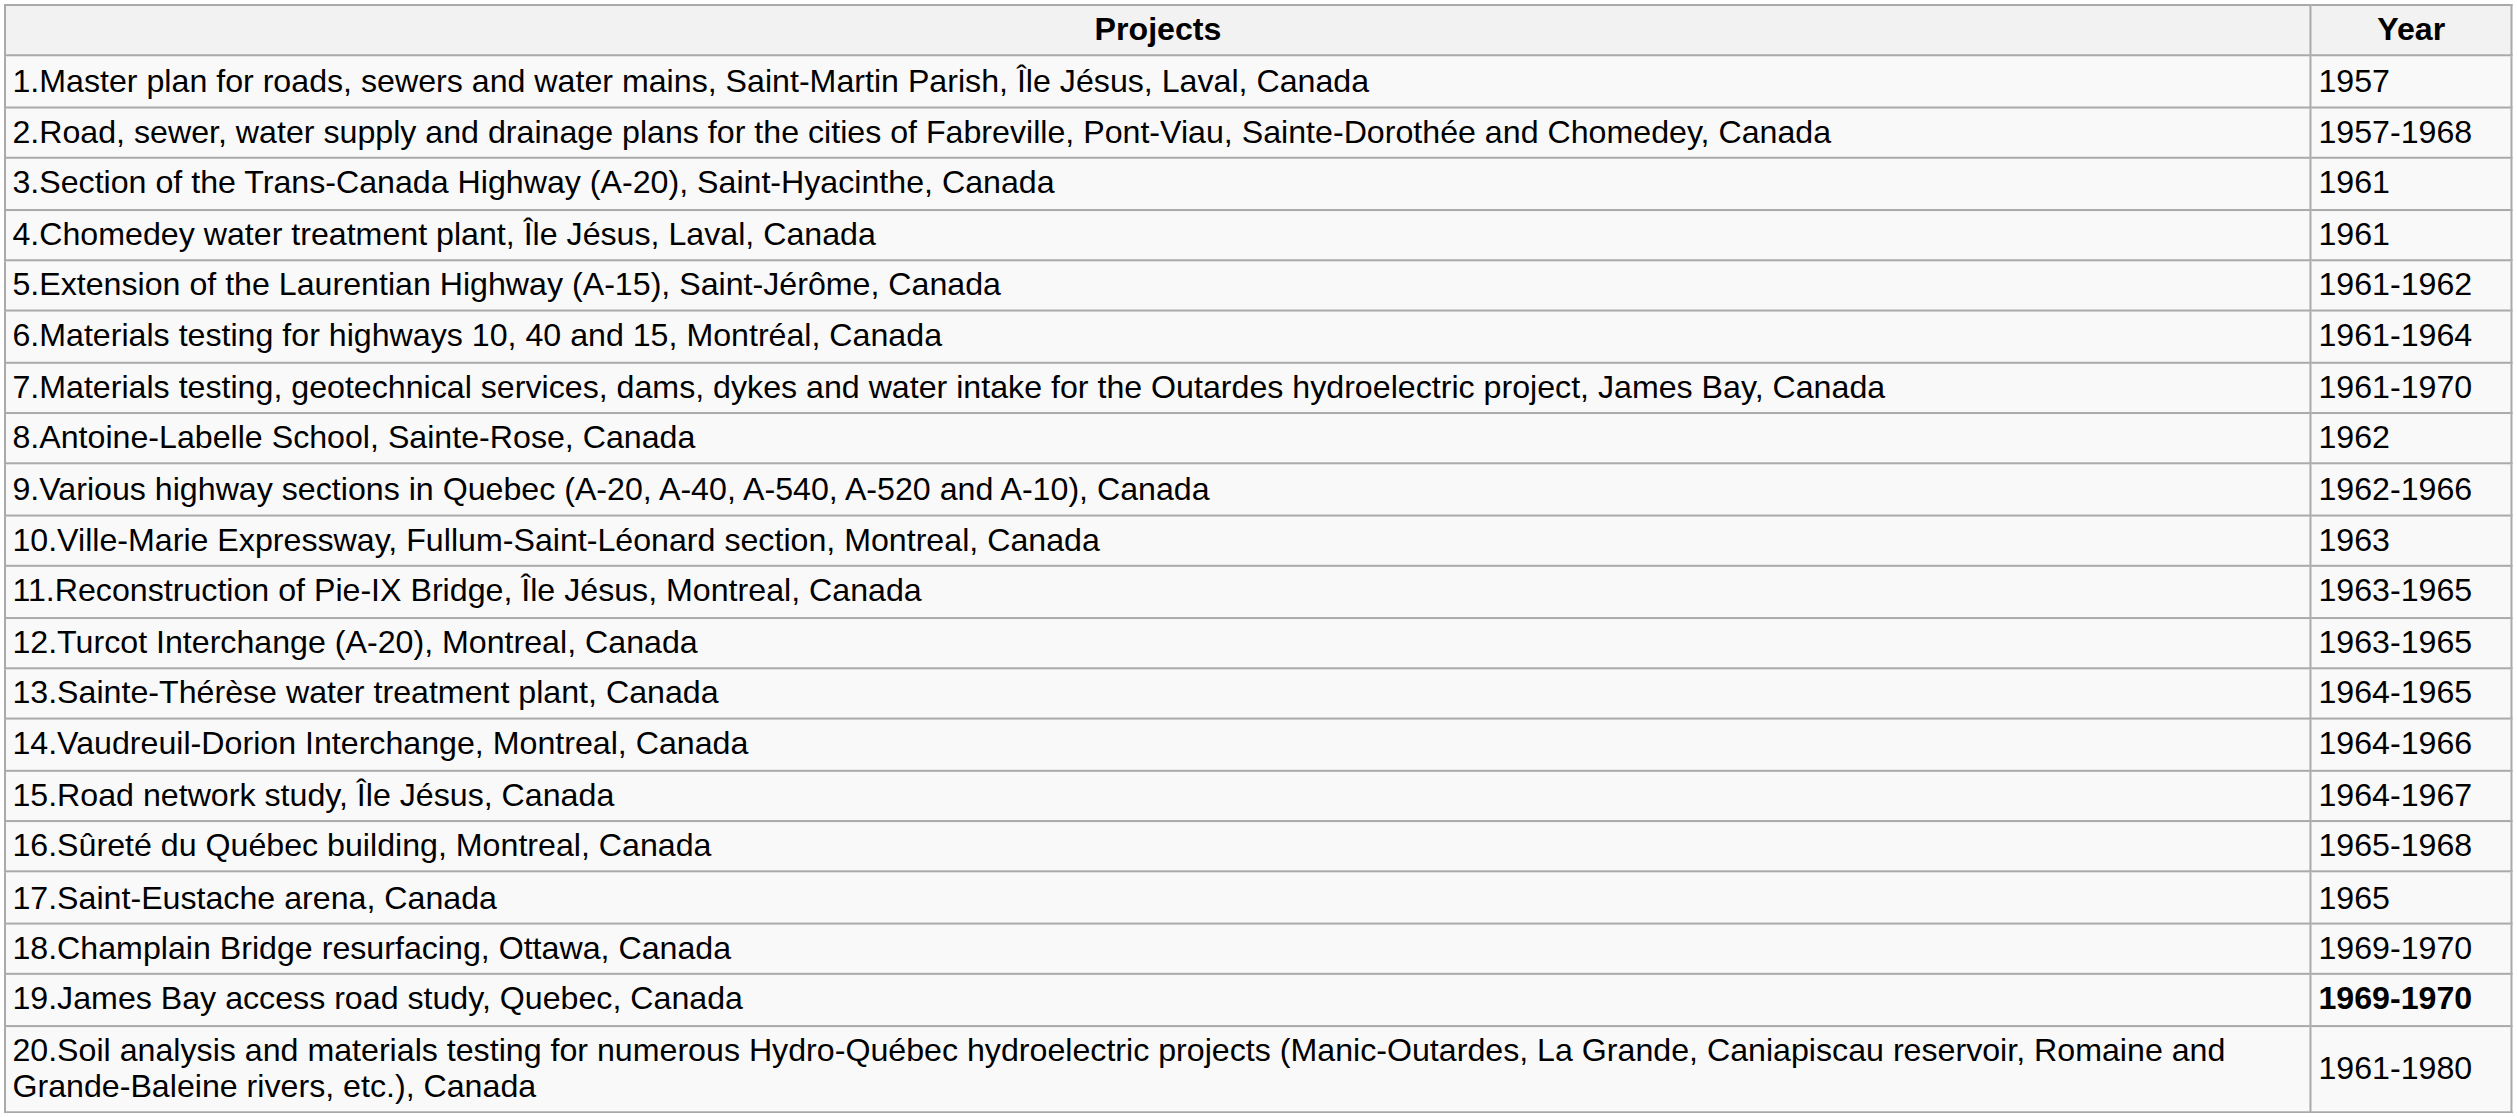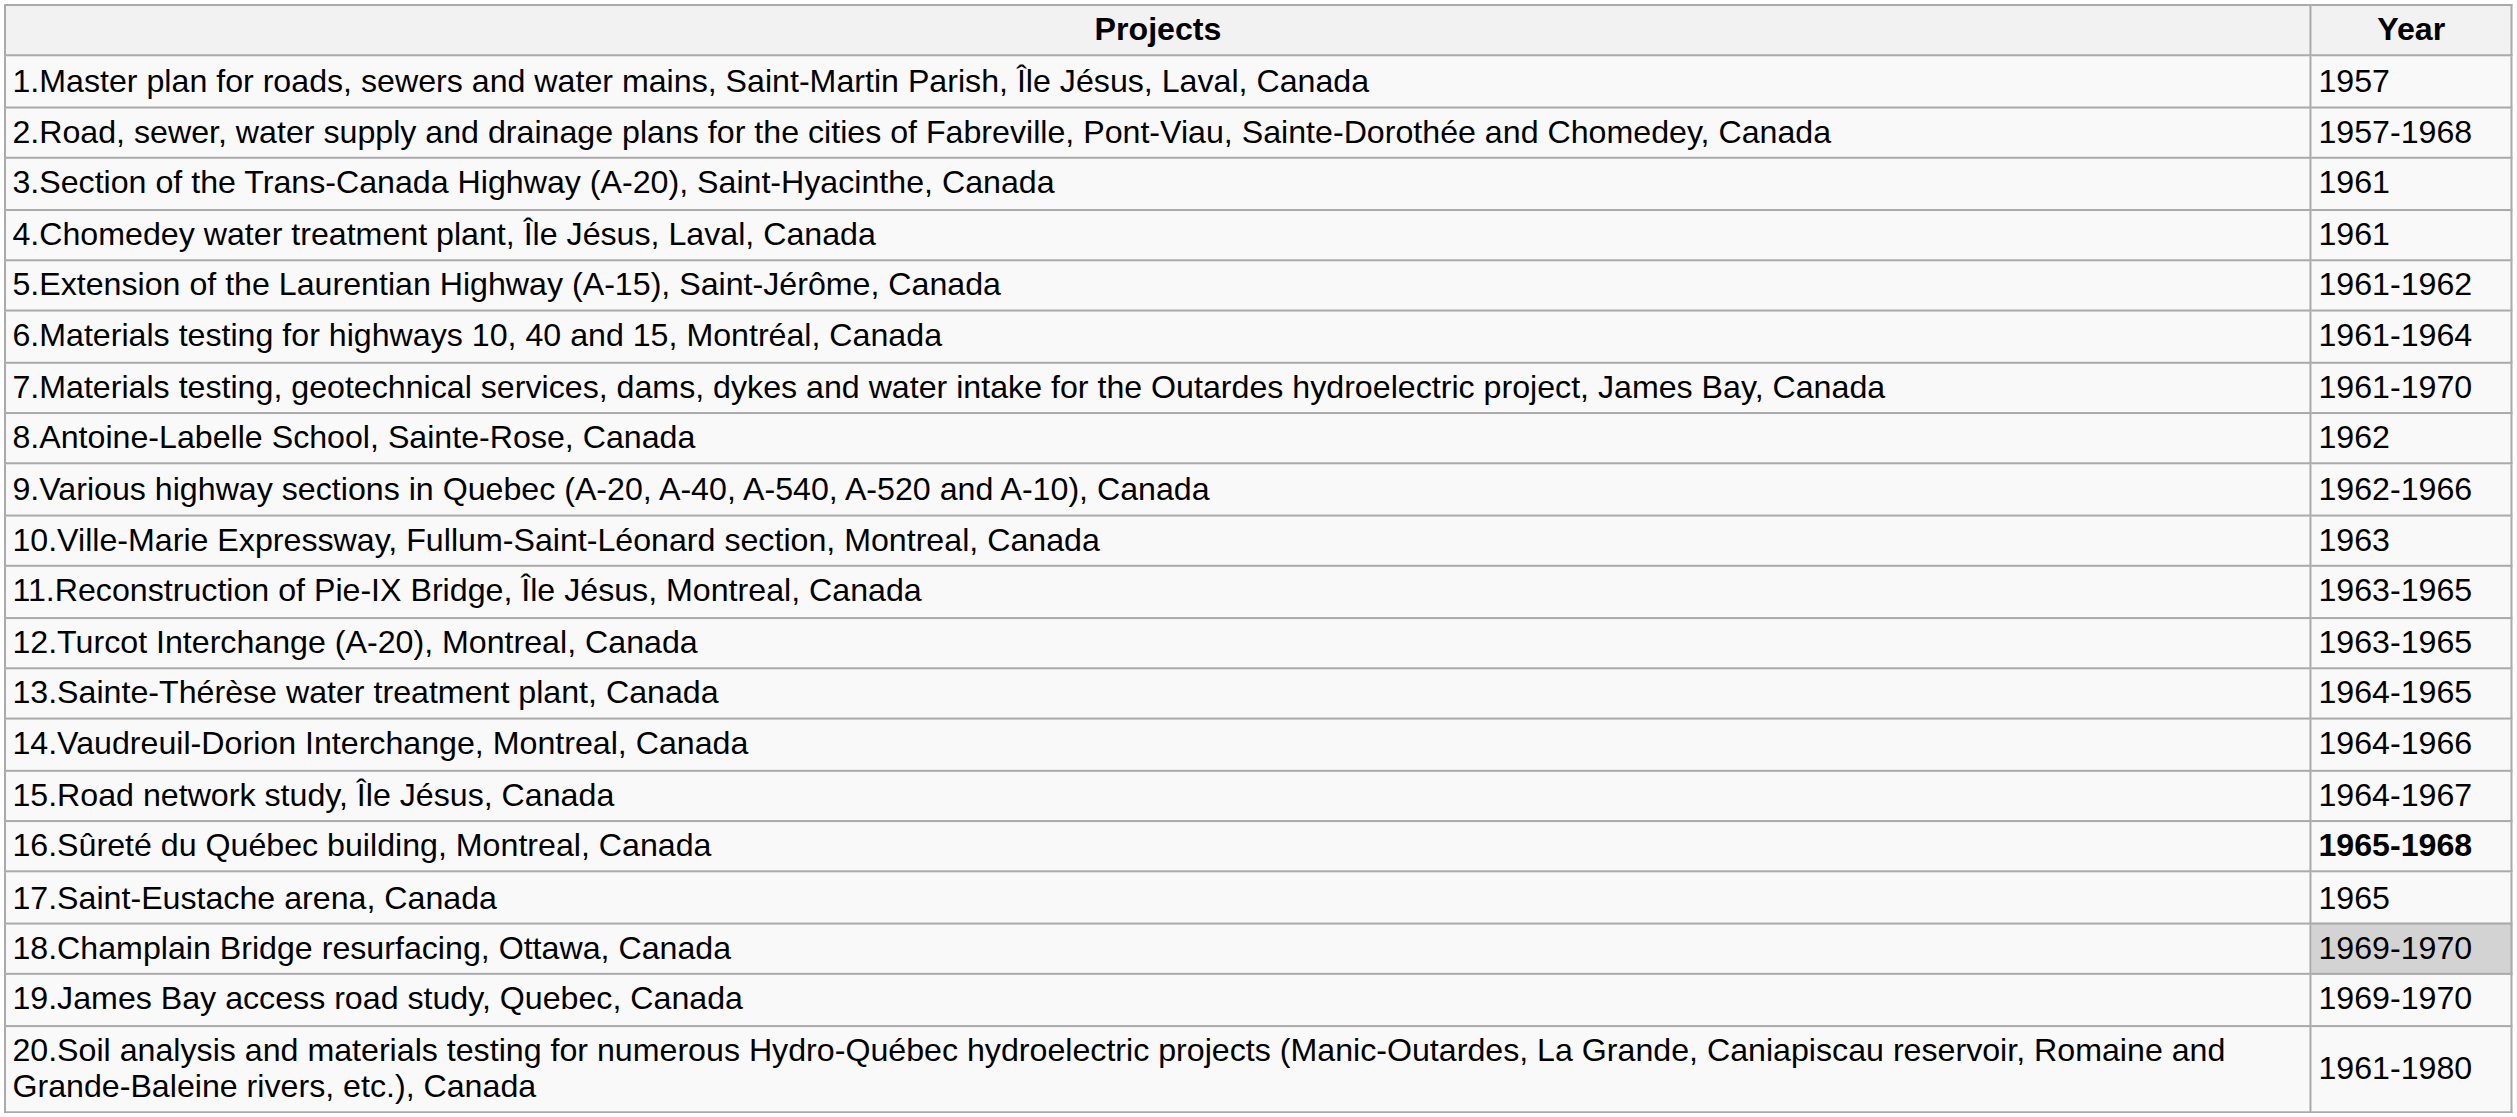 <table class="wikitable">
 <tr>
 <th>Projects</th>
 <th width="8%">Year</th>
 </tr>
 <tr>
 <td>1.Master plan for roads, sewers and water mains, Saint-Martin Parish, Île Jésus, Laval, Canada</td>
 <td>1957</td>
 </tr>
 <tr>
 <td>2.Road, sewer, water supply and drainage plans for the cities of  Fabreville, Pont-Viau, Sainte-Dorothée and Chomedey, Canada</td>
 <td>1957-1968</td>
 </tr>
 <tr>
 <td>3.Section of the Trans-Canada Highway (A-20), Saint-Hyacinthe, Canada</td>
 <td>1961</td>
 </tr>
 <tr>
 <td>4.Chomedey water treatment plant, Île Jésus, Laval, Canada</td>
 <td>1961</td>
 </tr>
 <tr>
 <td>5.Extension of the Laurentian Highway (A-15), Saint-Jérôme, Canada</td>
 <td>1961-1962</td>
 </tr>
 <tr>
 <td>6.Materials testing for highways 10, 40 and 15, Montréal, Canada</td>
 <td>1961-1964</td>
 </tr>
 <tr>
 <td>7.Materials testing, geotechnical services, dams, dykes and water intake for the Outardes hydroelectric project, James Bay, Canada</td>
 <td>1961-1970</td>
 </tr>
 <tr>
 <td>8.Antoine-Labelle School, Sainte-Rose, Canada</td>
 <td>1962</td>
 </tr>
 <tr>
 <td>9.Various highway sections in Quebec (A-20, A-40, A-540, A-520 and A-10), Canada</td>
 <td>1962-1966</td>
 </tr>
 <tr>
 <td>10.Ville-Marie Expressway, Fullum-Saint-Léonard section, Montreal, Canada</td>
 <td>1963</td>
 </tr>
 <tr>
 <td>11.Reconstruction of Pie-IX Bridge, Île Jésus, Montreal, Canada</td>
 <td>1963-1965</td>
 </tr>
 <tr>
 <td>12.Turcot Interchange (A-20), Montreal, Canada</td>
 <td>1963-1965</td>
 </tr>
 <tr>
 <td>13.Sainte-Thérèse water treatment plant, Canada</td>
 <td>1964-1965</td>
 </tr>
 <tr>
 <td>14.Vaudreuil-Dorion Interchange, Montreal, Canada</td>
 <td>1964-1966</td>
 </tr>
 <tr>
 <td>15.Road network study, Île Jésus, Canada</td>
 <td>1964-1967</td>
 </tr>
 <tr>
 <td>16.Sûreté du Québec building, Montreal, Canada</td>
-<td>1965-1968</td>
+<td><strong>1965-1968</strong></td>
 </tr>
 <tr>
 <td>17.Saint-Eustache arena, Canada</td>
 <td>1965</td>
 </tr>
 <tr>
 <td>18.Champlain Bridge resurfacing, Ottawa, Canada</td>
-<td>1969-1970</td>
+<td style="background: lightgrey;">1969-1970</td>
 </tr>
 <tr>
 <td>19.James Bay access road study, Quebec, Canada</td>
-<td><strong>1969-1970</strong></td>
+<td>1969-1970</td>
 </tr>
 <tr>
 <td>20.Soil analysis and materials testing for numerous Hydro-Québec hydroelectric projects (Manic-Outardes, La Grande, Caniapiscau reservoir, Romaine and Grande-Baleine rivers, etc.), Canada</td>
 <td>1961-1980</td>
 </tr>
 <tr>
 </tr>
 </table>
